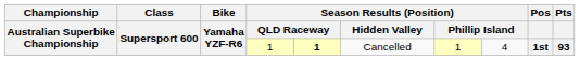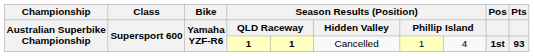 <table class="wikitable" style="text-align:center">
 <tr>
 <th>Championship</th>
 <th>Class</th>
 <th>Bike</th>
 <th colspan=6>Season Results (Position)</th>
 <th>Pos</th>
 <th>Pts</th>
 </tr>
 <tr>
 <th rowspan=2>Australian Superbike <br> Championship</th>
 <th rowspan=2>Supersport 600</th>
 <th rowspan=2>Yamaha <br> YZF-R6</th>
 <th colspan=2 width="132pt">QLD Raceway</th>
 <th colspan=2 width="132pt">Hidden Valley</th>
 <th colspan=2 width="132pt">Phillip Island</th>
 <th></th>
 <th></th>
 </tr>
 <tr>
-<td style="background:#ffffbf;">1</td>
+<td style="background:#ffffbf;"><strong>1</strong></td>
 <td style="background:#ffffbf;"><strong>1</strong></td>
 <td colspan=2>Cancelled</td>
 <td style="background:#ffffbf;">1</td>
 <td>4</td>
 <th>1st</th>
 <th>93</th>
 </tr>
 </table>
